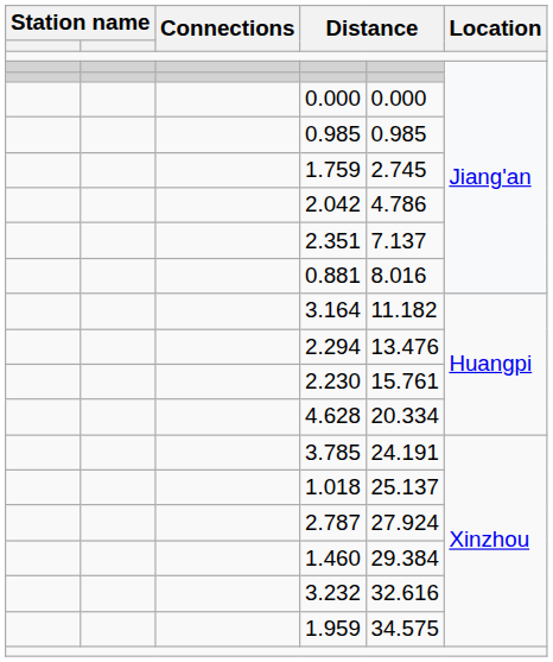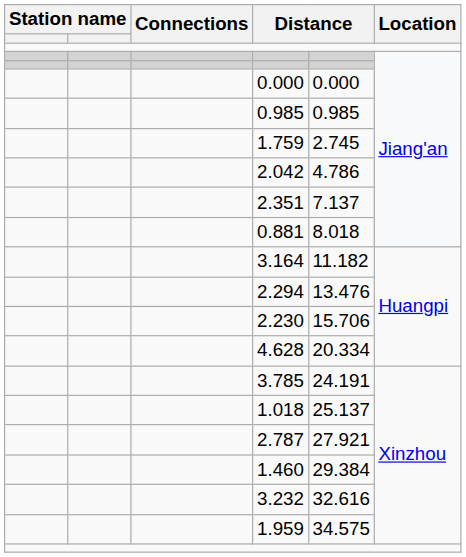 <table class="wikitable">
 <tr>
 <th colspan="2">Station name</th>
 <th rowspan="2">Connections</th>
 <th colspan="2" rowspan="2">Distance<br></th>
 <th rowspan="2">Location</th>
 </tr>
 <tr>
 <th></th>
 <th></th>
 </tr>
 <tr style="background:#">
 <td colspan = "6"></td>
 </tr>
 <tr bgcolor="lightgrey">
 <td></td>
 <td></td>
 <td> </td>
 <td></td>
 <td></td>
 <td bgcolor=#F8F9FA rowspan="8"><a href='#'>Jiang'an</a></td>
 </tr>
 <tr bgcolor="lightgrey">
 <td></td>
 <td></td>
 <td></td>
 <td></td>
 <td></td>
 </tr>
 <tr>
 <td></td>
 <td></td>
 <td></td>
 <td>0.000</td>
 <td>0.000</td>
 </tr>
 <tr>
 <td></td>
 <td></td>
 <td></td>
 <td>0.985</td>
 <td>0.985</td>
 </tr>
 <tr>
 <td></td>
 <td></td>
 <td></td>
 <td>1.759</td>
 <td>2.745</td>
 </tr>
 <tr>
 <td></td>
 <td></td>
 <td></td>
 <td>2.042</td>
 <td>4.786</td>
 </tr>
 <tr>
 <td></td>
 <td></td>
 <td></td>
 <td>2.351</td>
 <td>7.137</td>
 </tr>
 <tr>
 <td></td>
 <td></td>
 <td></td>
 <td>0.881</td>
-<td>8.016</td>
+<td>8.018</td>
 </tr>
 <tr>
 <td></td>
 <td></td>
 <td></td>
 <td>3.164</td>
 <td>11.182</td>
 <td rowspan="4"><a href='#'>Huangpi</a></td>
 </tr>
 <tr>
 <td></td>
 <td></td>
 <td></td>
 <td>2.294</td>
 <td>13.476</td>
 </tr>
 <tr>
 <td></td>
 <td></td>
 <td></td>
 <td>2.230</td>
-<td>15.761</td>
+<td>15.706</td>
 </tr>
 <tr>
 <td></td>
 <td></td>
 <td></td>
 <td>4.628</td>
 <td>20.334</td>
 </tr>
 <tr>
 <td></td>
 <td></td>
 <td></td>
 <td>3.785</td>
 <td>24.191</td>
 <td rowspan="6"><a href='#'>Xinzhou</a></td>
 </tr>
 <tr>
 <td></td>
 <td></td>
 <td></td>
 <td>1.018</td>
 <td>25.137</td>
 </tr>
 <tr>
 <td></td>
 <td></td>
 <td></td>
 <td>2.787</td>
-<td>27.924</td>
+<td>27.921</td>
 </tr>
 <tr>
 <td></td>
 <td></td>
 <td></td>
 <td>1.460</td>
 <td>29.384</td>
 </tr>
 <tr>
 <td></td>
 <td></td>
 <td></td>
 <td>3.232</td>
 <td>32.616</td>
 </tr>
 <tr>
 <td></td>
 <td></td>
 <td></td>
 <td>1.959</td>
 <td>34.575</td>
 </tr>
 <tr style="background:#">
 <td colspan = "6"></td>
 </tr>
 </table>
